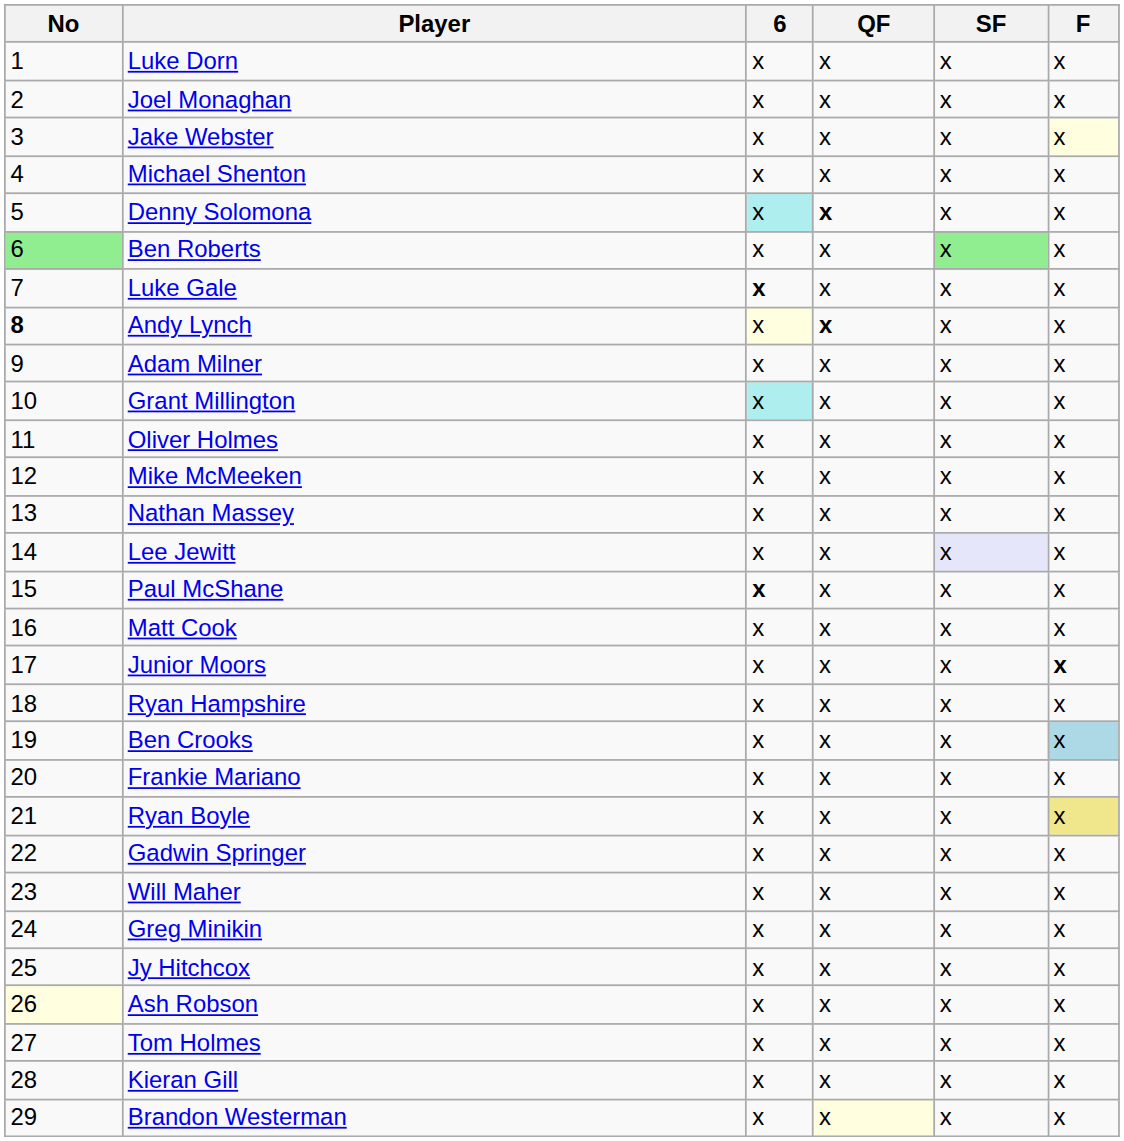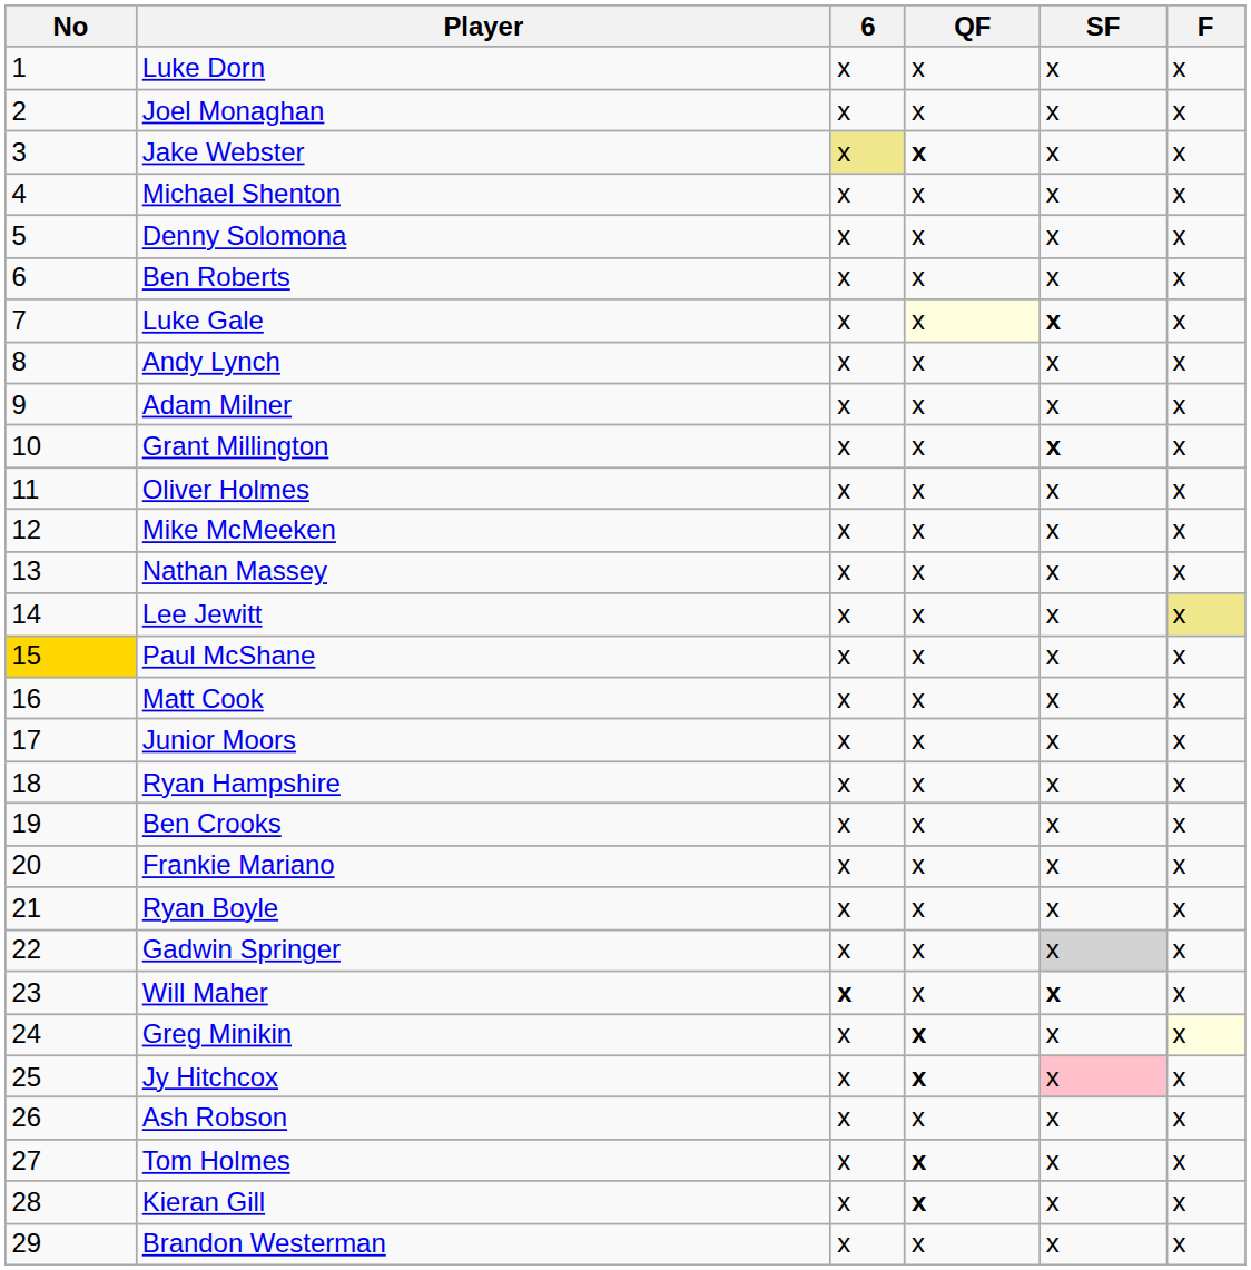 <table class="wikitable" style="font-size:85%;" width="40%">
 <tr>
 <th>No</th>
 <th>Player</th>
 <th>6</th>
 <th>QF</th>
 <th>SF</th>
 <th>F</th>
 </tr>
 <tr>
 <td>1</td>
 <td><a href='#'>Luke Dorn</a></td>
 <td>x</td>
 <td>x</td>
 <td>x</td>
 <td>x</td>
 </tr>
 <tr>
 <td>2</td>
 <td><a href='#'>Joel Monaghan</a></td>
 <td>x</td>
 <td>x</td>
 <td>x</td>
 <td>x</td>
 </tr>
 <tr>
 <td>3</td>
 <td><a href='#'>Jake Webster</a></td>
+<td style="background: khaki;">x</td>
+<td><strong>x</strong></td>
 <td>x</td>
 <td>x</td>
-<td>x</td>
-<td style="background: lightyellow;">x</td>
 </tr>
 <tr>
 <td>4</td>
 <td><a href='#'>Michael Shenton</a></td>
 <td>x</td>
 <td>x</td>
 <td>x</td>
 <td>x</td>
 </tr>
 <tr>
 <td>5</td>
 <td><a href='#'>Denny Solomona</a></td>
-<td style="background: paleturquoise;">x</td>
-<td><strong>x</strong></td>
+<td>x</td>
+<td>x</td>
 <td>x</td>
 <td>x</td>
 </tr>
 <tr>
-<td style="background: lightgreen;">6</td>
+<td>6</td>
 <td><a href='#'>Ben Roberts</a></td>
 <td>x</td>
 <td>x</td>
-<td style="background: lightgreen;">x</td>
+<td>x</td>
 <td>x</td>
 </tr>
 <tr>
 <td>7</td>
 <td><a href='#'>Luke Gale</a></td>
+<td>x</td>
+<td style="background: lightyellow;">x</td>
 <td><strong>x</strong></td>
-<td>x</td>
-<td>x</td>
 <td>x</td>
 </tr>
 <tr>
-<td><strong>8</strong></td>
+<td>8</td>
 <td><a href='#'>Andy Lynch</a></td>
-<td style="background: lightyellow;">x</td>
-<td><strong>x</strong></td>
+<td>x</td>
+<td>x</td>
 <td>x</td>
 <td>x</td>
 </tr>
 <tr>
 <td>9</td>
 <td><a href='#'>Adam Milner</a></td>
 <td>x</td>
 <td>x</td>
 <td>x</td>
 <td>x</td>
 </tr>
 <tr>
 <td>10</td>
 <td><a href='#'>Grant Millington</a></td>
-<td style="background: paleturquoise;">x</td>
 <td>x</td>
 <td>x</td>
+<td><strong>x</strong></td>
 <td>x</td>
 </tr>
 <tr>
 <td>11</td>
 <td><a href='#'>Oliver Holmes</a></td>
 <td>x</td>
 <td>x</td>
 <td>x</td>
 <td>x</td>
 </tr>
 <tr>
 <td>12</td>
 <td><a href='#'>Mike McMeeken</a></td>
 <td>x</td>
 <td>x</td>
 <td>x</td>
 <td>x</td>
 </tr>
 <tr>
 <td>13</td>
 <td><a href='#'>Nathan Massey</a></td>
 <td>x</td>
 <td>x</td>
 <td>x</td>
 <td>x</td>
 </tr>
 <tr>
 <td>14</td>
 <td><a href='#'>Lee Jewitt</a></td>
 <td>x</td>
 <td>x</td>
-<td style="background: lavender;">x</td>
 <td>x</td>
+<td style="background: khaki;">x</td>
 </tr>
 <tr>
-<td>15</td>
+<td style="background: gold;">15</td>
 <td><a href='#'>Paul McShane</a></td>
-<td><strong>x</strong></td>
+<td>x</td>
 <td>x</td>
 <td>x</td>
 <td>x</td>
 </tr>
 <tr>
 <td>16</td>
 <td><a href='#'>Matt Cook</a></td>
 <td>x</td>
 <td>x</td>
 <td>x</td>
 <td>x</td>
 </tr>
 <tr>
 <td>17</td>
 <td><a href='#'>Junior Moors</a></td>
 <td>x</td>
 <td>x</td>
 <td>x</td>
-<td><strong>x</strong></td>
+<td>x</td>
 </tr>
 <tr>
 <td>18</td>
 <td><a href='#'>Ryan Hampshire</a></td>
 <td>x</td>
 <td>x</td>
 <td>x</td>
 <td>x</td>
 </tr>
 <tr>
 <td>19</td>
 <td><a href='#'>Ben Crooks</a></td>
 <td>x</td>
 <td>x</td>
 <td>x</td>
-<td style="background: lightblue;">x</td>
+<td>x</td>
 </tr>
 <tr>
 <td>20</td>
 <td><a href='#'>Frankie Mariano</a></td>
 <td>x</td>
 <td>x</td>
 <td>x</td>
 <td>x</td>
 </tr>
 <tr>
 <td>21</td>
 <td><a href='#'>Ryan Boyle</a></td>
 <td>x</td>
 <td>x</td>
 <td>x</td>
-<td style="background: khaki;">x</td>
+<td>x</td>
 </tr>
 <tr>
 <td>22</td>
 <td><a href='#'>Gadwin Springer</a></td>
 <td>x</td>
 <td>x</td>
-<td>x</td>
+<td style="background: lightgrey;">x</td>
 <td>x</td>
 </tr>
 <tr>
 <td>23</td>
 <td><a href='#'>Will Maher</a></td>
+<td><strong>x</strong></td>
 <td>x</td>
-<td>x</td>
-<td>x</td>
+<td><strong>x</strong></td>
 <td>x</td>
 </tr>
 <tr>
 <td>24</td>
 <td><a href='#'>Greg Minikin</a></td>
 <td>x</td>
+<td><strong>x</strong></td>
 <td>x</td>
-<td>x</td>
-<td>x</td>
+<td style="background: lightyellow;">x</td>
 </tr>
 <tr>
 <td>25</td>
 <td><a href='#'>Jy Hitchcox</a></td>
 <td>x</td>
-<td>x</td>
-<td>x</td>
+<td><strong>x</strong></td>
+<td style="background: pink;">x</td>
 <td>x</td>
 </tr>
 <tr>
-<td style="background: lightyellow;">26</td>
+<td>26</td>
 <td><a href='#'>Ash Robson</a></td>
 <td>x</td>
 <td>x</td>
 <td>x</td>
 <td>x</td>
 </tr>
 <tr>
 <td>27</td>
 <td><a href='#'>Tom Holmes</a></td>
 <td>x</td>
-<td>x</td>
+<td><strong>x</strong></td>
 <td>x</td>
 <td>x</td>
 </tr>
 <tr>
 <td>28</td>
 <td><a href='#'>Kieran Gill</a></td>
 <td>x</td>
-<td>x</td>
+<td><strong>x</strong></td>
 <td>x</td>
 <td>x</td>
 </tr>
 <tr>
 <td>29</td>
 <td><a href='#'>Brandon Westerman</a></td>
 <td>x</td>
-<td style="background: lightyellow;">x</td>
+<td>x</td>
 <td>x</td>
 <td>x</td>
 </tr>
 <tr>
 </tr>
 </table>
